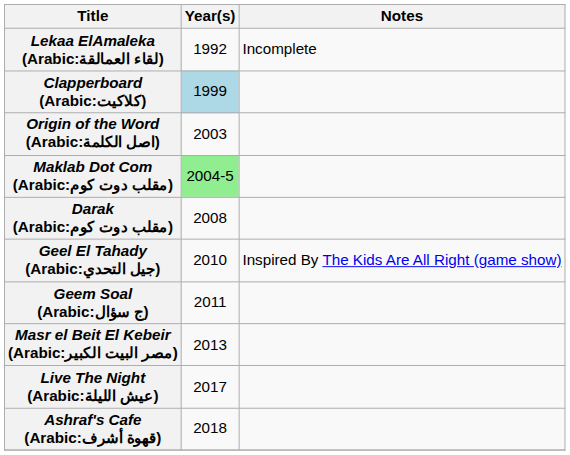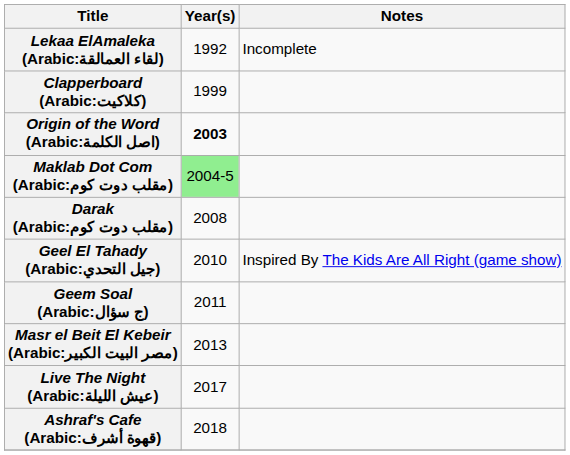 <table class="wikitable plainrowheaders sortable">
 <tr>
 <th scope="col">Title</th>
 <th scope="col">Year(s)</th>
 <th scope="col" class="unsortable">Notes</th>
 </tr>
 <tr>
 <th><em>Lekaa ElAmaleka</em><br>(Arabic:لقاء العمالقة)</th>
 <td style="text-align:center;">1992</td>
 <td>Incomplete</td>
 </tr>
 <tr>
 <th><em>Clapperboard</em><br>(Arabic:كلاكيت)</th>
-<td style="background: lightblue; text-align:center;">1999</td>
+<td style="text-align:center;">1999</td>
 <td></td>
 </tr>
 <tr>
 <th><em>Origin of the Word</em><br>(Arabic:اصل الكلمة)</th>
-<td style="text-align:center;">2003</td>
+<td style="text-align:center;"><strong>2003</strong></td>
 <td></td>
 </tr>
 <tr>
 <th><em>Maklab Dot Com</em><br>(Arabic:مقلب دوت كوم)</th>
 <td style="background: lightgreen; text-align:center;">2004-5</td>
 <td></td>
 </tr>
 <tr>
 <th><em>Darak</em><br>(Arabic:مقلب دوت كوم)</th>
 <td style="text-align:center;">2008</td>
 <td></td>
 </tr>
 <tr>
 <th><em>Geel El Tahady</em><br>(Arabic:جيل التحدي)</th>
 <td style="text-align:center;">2010</td>
 <td>Inspired By <a href='#'>The Kids Are All Right (game show)</a></td>
 </tr>
 <tr>
 <th><em>Geem Soal</em><br>(Arabic:ج سؤال)</th>
 <td style="text-align:center;">2011</td>
 <td></td>
 </tr>
 <tr>
 <th><em>Masr el Beit El Kebeir</em><br>(Arabic:مصر البيت الكبير)</th>
 <td style="text-align:center;">2013</td>
 <td></td>
 </tr>
 <tr>
 <th><em>Live The Night</em><br>(Arabic:عيش الليلة)</th>
 <td style="text-align:center;">2017</td>
 <td></td>
 </tr>
 <tr>
 <th><em>Ashraf's Cafe</em><br>(Arabic:قهوة أشرف)</th>
 <td style="text-align:center;">2018</td>
 <td></td>
 </tr>
 <tr>
 </tr>
 </table>
